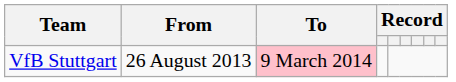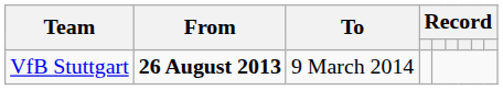 <table class="wikitable" style="text-align: center">
 <tr>
 <th rowspan="2">Team</th>
 <th rowspan="2">From</th>
 <th rowspan="2">To</th>
 <th colspan="6">Record</th>
 </tr>
 <tr>
 <th></th>
 <th></th>
 <th></th>
 <th></th>
 <th></th>
 <th></th>
 </tr>
 <tr>
 <td><a href='#'>VfB Stuttgart</a></td>
-<td>26 August 2013</td>
-<td style="background: pink;">9 March 2014<br></td>
+<td><strong>26 August 2013</strong></td>
+<td>9 March 2014<br></td>
 <td></td>
 </tr>
 </table>
